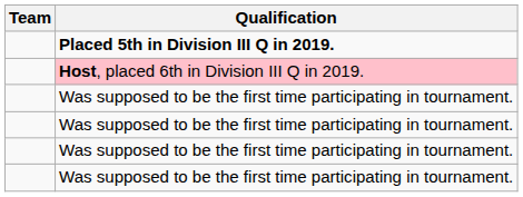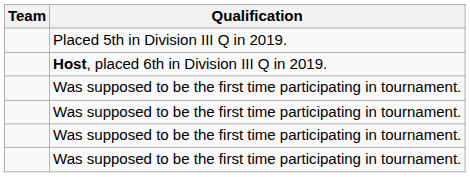 <table class="wikitable">
 <tr>
 <th>Team</th>
 <th>Qualification</th>
 </tr>
 <tr>
 <td></td>
-<td><strong>Placed 5th in Division III Q in 2019.</strong></td>
+<td>Placed 5th in Division III Q in 2019.</td>
 </tr>
 <tr>
 <td></td>
-<td style="background: pink;"><strong>Host</strong>, placed 6th in Division III Q in 2019.</td>
+<td><strong>Host</strong>, placed 6th in Division III Q in 2019.</td>
 </tr>
 <tr>
 <td></td>
 <td>Was supposed to be the first time participating in tournament.</td>
 </tr>
 <tr>
 <td></td>
 <td>Was supposed to be the first time participating in tournament.</td>
 </tr>
 <tr>
 <td></td>
 <td>Was supposed to be the first time participating in tournament.</td>
 </tr>
 <tr>
 <td></td>
 <td>Was supposed to be the first time participating in tournament.</td>
 </tr>
 </table>
